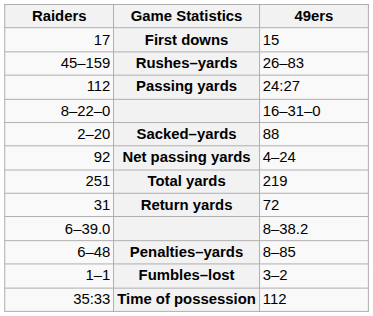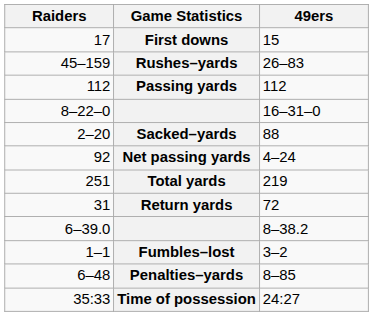 <table class="wikitable" style="margin: 1em auto 1em auto">
 <tr>
 <th style="width:30%;">Raiders</th>
 <th style="width:40%;">Game Statistics</th>
 <th style="width:30%;">49ers</th>
 </tr>
 <tr>
 <td style="text-align:right;">17</td>
 <th>First downs</th>
 <td>15</td>
 </tr>
 <tr>
 <td style="text-align:right;">45–159</td>
 <th>Rushes–yards</th>
 <td>26–83</td>
 </tr>
 <tr>
 <td style="text-align:right;">112</td>
 <th>Passing yards</th>
-<td>24:27</td>
+<td>112</td>
 </tr>
 <tr>
 <td style="text-align:right;">8–22–0</td>
 <th></th>
 <td>16–31–0</td>
 </tr>
 <tr>
 <td style="text-align:right;">2–20</td>
 <th>Sacked–yards</th>
 <td>88</td>
 </tr>
 <tr>
 <td style="text-align:right;">92</td>
 <th>Net passing yards</th>
 <td>4–24</td>
 </tr>
 <tr>
 <td style="text-align:right;">251</td>
 <th>Total yards</th>
 <td>219</td>
 </tr>
 <tr>
 <td style="text-align:right;">31</td>
 <th>Return yards</th>
 <td>72</td>
 </tr>
 <tr>
 <td style="text-align:right;">6–39.0</td>
 <th></th>
 <td>8–38.2</td>
 </tr>
 <tr>
+<td style="text-align:right;">1–1</td>
+<th>Fumbles–lost</th>
+<td>3–2</td>
+</tr>
+<tr>
 <td style="text-align:right;">6–48</td>
 <th>Penalties–yards</th>
 <td>8–85</td>
 </tr>
 <tr>
-<td style="text-align:right;">1–1</td>
-<th>Fumbles–lost</th>
-<td>3–2</td>
-</tr>
-<tr>
 <td style="text-align:right;">35:33</td>
 <th>Time of possession</th>
-<td>112</td>
+<td>24:27</td>
 </tr>
 </table>
